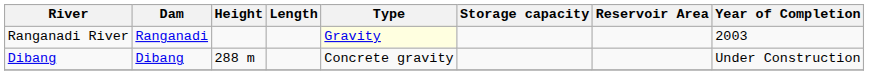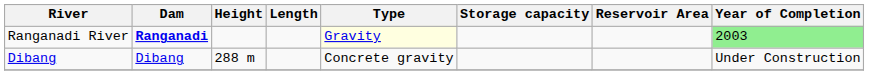 <table class="wikitable sortable" style="font-size: 95%;">
 <tr>
 <th>River</th>
 <th>Dam</th>
 <th>Height</th>
 <th>Length</th>
 <th>Type</th>
 <th>Storage capacity</th>
 <th>Reservoir Area</th>
 <th>Year of Completion</th>
 </tr>
 <tr>
 <td>Ranganadi River</td>
-<td><a href='#'>Ranganadi</a></td>
+<td><strong><a href='#'>Ranganadi</a></strong></td>
 <td></td>
 <td></td>
 <td style="background: lightyellow;"><a href='#'>Gravity</a></td>
 <td></td>
 <td></td>
-<td>2003</td>
+<td style="background: lightgreen;">2003</td>
 </tr>
 <tr>
 <td><a href='#'>Dibang</a></td>
 <td><a href='#'>Dibang</a></td>
 <td>288 m</td>
 <td></td>
 <td>Concrete gravity</td>
 <td></td>
 <td></td>
 <td>Under Construction</td>
 </tr>
 <tr>
 </tr>
 </table>
